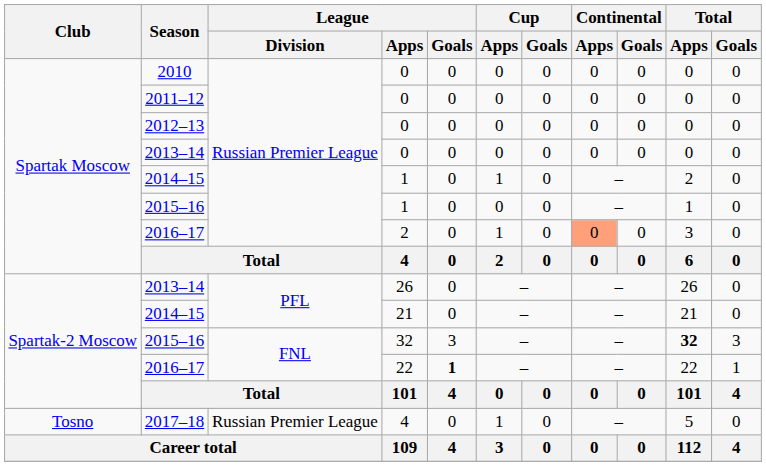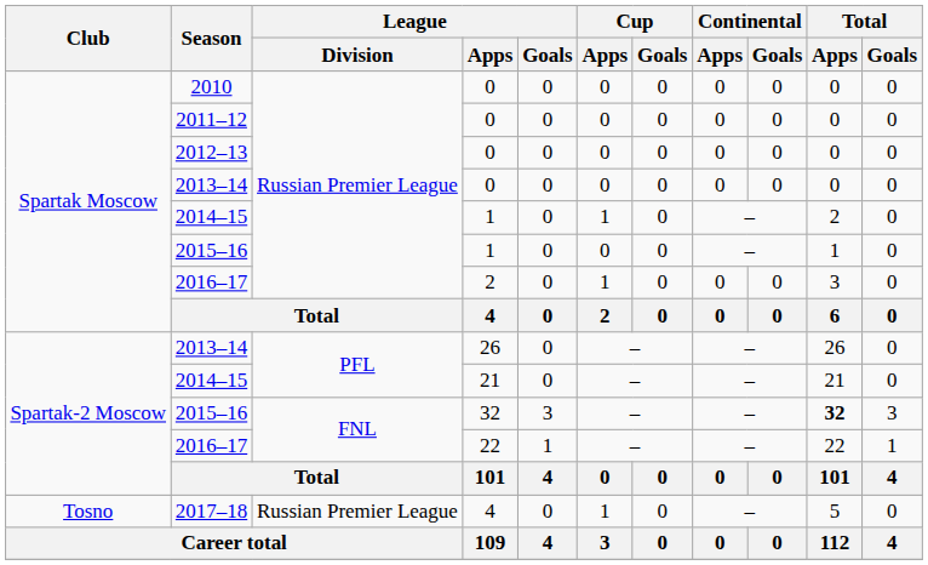 <table class="wikitable" style="text-align: center;">
 <tr>
 <th rowspan=2>Club</th>
 <th rowspan=2>Season</th>
 <th colspan=3>League</th>
 <th colspan=2>Cup</th>
 <th colspan=2>Continental</th>
 <th colspan=2>Total</th>
 </tr>
 <tr>
 <th>Division</th>
 <th>Apps</th>
 <th>Goals</th>
 <th>Apps</th>
 <th>Goals</th>
 <th>Apps</th>
 <th>Goals</th>
 <th>Apps</th>
 <th>Goals</th>
 </tr>
 <tr>
 <td rowspan=8><a href='#'>Spartak Moscow</a></td>
 <td><a href='#'>2010</a></td>
 <td rowspan=7><a href='#'>Russian Premier League</a></td>
 <td>0</td>
 <td>0</td>
 <td>0</td>
 <td>0</td>
 <td>0</td>
 <td>0</td>
 <td>0</td>
 <td>0</td>
 </tr>
 <tr>
 <td><a href='#'>2011–12</a></td>
 <td>0</td>
 <td>0</td>
 <td>0</td>
 <td>0</td>
 <td>0</td>
 <td>0</td>
 <td>0</td>
 <td>0</td>
 </tr>
 <tr>
 <td><a href='#'>2012–13</a></td>
 <td>0</td>
 <td>0</td>
 <td>0</td>
 <td>0</td>
 <td>0</td>
 <td>0</td>
 <td>0</td>
 <td>0</td>
 </tr>
 <tr>
 <td><a href='#'>2013–14</a></td>
 <td>0</td>
 <td>0</td>
 <td>0</td>
 <td>0</td>
 <td>0</td>
 <td>0</td>
 <td>0</td>
 <td>0</td>
 </tr>
 <tr>
 <td><a href='#'>2014–15</a></td>
 <td>1</td>
 <td>0</td>
 <td>1</td>
 <td>0</td>
 <td colspan=2>–</td>
 <td>2</td>
 <td>0</td>
 </tr>
 <tr>
 <td><a href='#'>2015–16</a></td>
 <td>1</td>
 <td>0</td>
 <td>0</td>
 <td>0</td>
 <td colspan=2>–</td>
 <td>1</td>
 <td>0</td>
 </tr>
 <tr>
 <td><a href='#'>2016–17</a></td>
 <td>2</td>
 <td>0</td>
 <td>1</td>
 <td>0</td>
-<td style="background: lightsalmon;">0</td>
+<td>0</td>
 <td>0</td>
 <td>3</td>
 <td>0</td>
 </tr>
 <tr>
 <th colspan=2>Total</th>
 <th>4</th>
 <th>0</th>
 <th>2</th>
 <th>0</th>
 <th>0</th>
 <th>0</th>
 <th>6</th>
 <th>0</th>
 </tr>
 <tr>
 <td rowspan=5><a href='#'>Spartak-2 Moscow</a></td>
 <td><a href='#'>2013–14</a></td>
 <td rowspan=2><a href='#'>PFL</a></td>
 <td>26</td>
 <td>0</td>
 <td colspan=2>–</td>
 <td colspan=2>–</td>
 <td>26</td>
 <td>0</td>
 </tr>
 <tr>
 <td><a href='#'>2014–15</a></td>
 <td>21</td>
 <td>0</td>
 <td colspan=2>–</td>
 <td colspan=2>–</td>
 <td>21</td>
 <td>0</td>
 </tr>
 <tr>
 <td><a href='#'>2015–16</a></td>
 <td rowspan=2><a href='#'>FNL</a></td>
 <td>32</td>
 <td>3</td>
 <td colspan=2>–</td>
 <td colspan=2>–</td>
 <td><strong>32</strong></td>
 <td>3</td>
 </tr>
 <tr>
 <td><a href='#'>2016–17</a></td>
 <td>22</td>
-<td><strong>1</strong></td>
+<td>1</td>
 <td colspan=2>–</td>
 <td colspan=2>–</td>
 <td>22</td>
 <td>1</td>
 </tr>
 <tr>
 <th colspan=2>Total</th>
 <th>101</th>
 <th>4</th>
 <th>0</th>
 <th>0</th>
 <th>0</th>
 <th>0</th>
 <th>101</th>
 <th>4</th>
 </tr>
 <tr>
 <td><a href='#'>Tosno</a></td>
 <td><a href='#'>2017–18</a></td>
 <td>Russian Premier League</td>
 <td>4</td>
 <td>0</td>
 <td>1</td>
 <td>0</td>
 <td colspan=2>–</td>
 <td>5</td>
 <td>0</td>
 </tr>
 <tr>
 <th colspan=3>Career total</th>
 <th>109</th>
 <th>4</th>
 <th>3</th>
 <th>0</th>
 <th>0</th>
 <th>0</th>
 <th>112</th>
 <th>4</th>
 </tr>
 <tr>
 </tr>
 </table>
